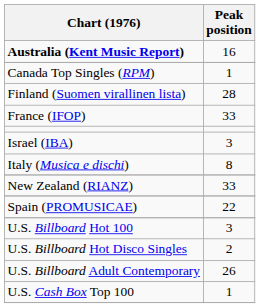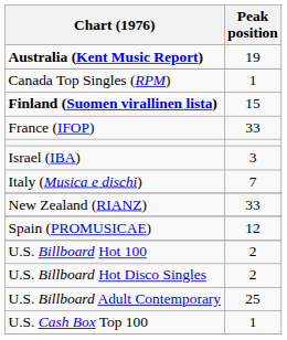 <table class="wikitable sortable">
 <tr>
 <th>Chart (1976)</th>
 <th>Peak<br>position</th>
 </tr>
 <tr>
 <td><strong>Australia (<a href='#'>Kent Music Report</a>)</strong></td>
-<td align="center">16</td>
+<td align="center">19</td>
 </tr>
 <tr>
 </tr>
 <tr>
 </tr>
 <tr>
 <td>Canada Top Singles (<em><a href='#'>RPM</a></em>)</td>
 <td style="text-align:center;">1</td>
 </tr>
 <tr>
-<td>Finland (<a href='#'>Suomen virallinen lista</a>)</td>
-<td align="center">28</td>
+<td><strong>Finland (<a href='#'>Suomen virallinen lista</a>)</strong></td>
+<td align="center">15</td>
 </tr>
 <tr>
 <td>France (<a href='#'>IFOP</a>)</td>
 <td align="center">33</td>
 </tr>
 <tr>
 <td></td>
 </tr>
 <tr>
 <td>Israel (<a href='#'>IBA</a>)</td>
 <td style="text-align:center;">3</td>
 </tr>
 <tr>
 <td>Italy (<em><a href='#'>Musica e dischi</a></em>)</td>
-<td align="center">8</td>
+<td align="center">7</td>
 </tr>
 <tr>
 </tr>
 <tr>
 </tr>
 <tr>
 <td>New Zealand (<a href='#'>RIANZ</a>)</td>
 <td style="text-align:center;">33</td>
 </tr>
 <tr>
 </tr>
 <tr>
 <td>Spain (<a href='#'>PROMUSICAE</a>)</td>
-<td align="center">22</td>
+<td align="center">12</td>
 </tr>
 <tr>
 </tr>
 <tr>
 </tr>
 <tr>
 <td>U.S. <em><a href='#'>Billboard</a></em> <a href='#'>Hot 100</a></td>
-<td style="text-align:center;">3</td>
+<td style="text-align:center;">2</td>
 </tr>
 <tr>
 <td>U.S. <em>Billboard</em> <a href='#'>Hot Disco Singles</a></td>
 <td style="text-align:center;">2</td>
 </tr>
 <tr>
 <td>U.S. <em>Billboard</em> <a href='#'>Adult Contemporary</a></td>
-<td align="center">26</td>
+<td align="center">25</td>
 </tr>
 <tr>
 <td>U.S. <em><a href='#'>Cash Box</a></em> Top 100</td>
 <td style="text-align:center;">1</td>
 </tr>
 <tr>
 </tr>
 </table>
